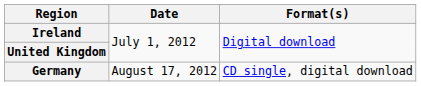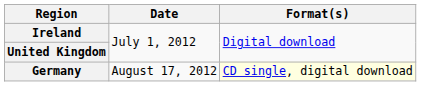 <table class="wikitable plainrowheaders">
 <tr>
 <th scope="col">Region</th>
 <th scope="col">Date</th>
 <th scope="col">Format(s)</th>
 </tr>
 <tr>
 <th scope="row">Ireland</th>
 <td rowspan="2">July 1, 2012</td>
 <td rowspan="2"><a href='#'>Digital download</a></td>
 </tr>
 <tr>
 <th scope="row">United Kingdom</th>
 </tr>
 <tr>
 <th scope="row">Germany</th>
 <td>August 17, 2012</td>
-<td><a href='#'>CD single</a>, digital download</td>
+<td style="background: lightyellow;"><a href='#'>CD single</a>, digital download</td>
 </tr>
 </table>
